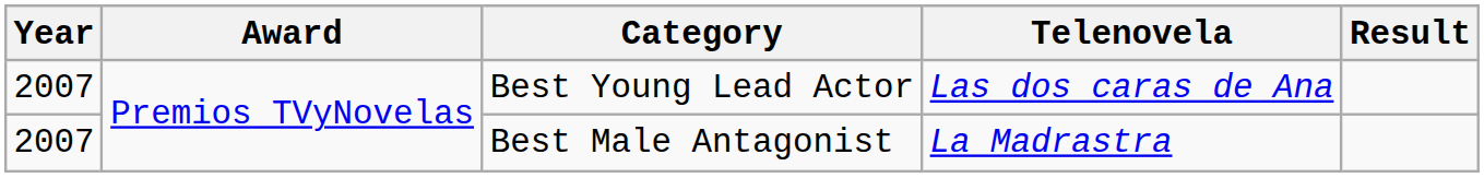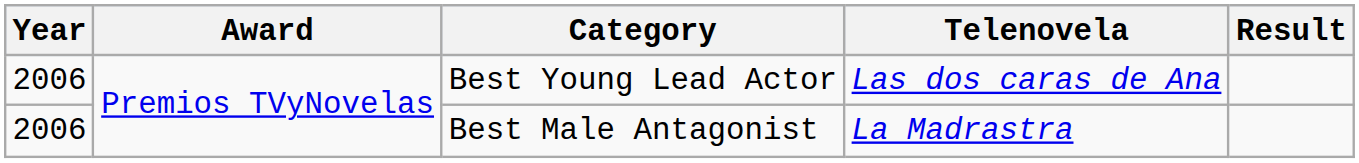 <table class="wikitable">
 <tr style="background:#b0c4de;">
 <th>Year</th>
 <th>Award</th>
 <th>Category</th>
 <th>Telenovela</th>
 <th>Result</th>
 </tr>
 <tr>
-<td>2007</td>
+<td>2006</td>
 <td rowspan=2><a href='#'>Premios TVyNovelas</a></td>
 <td>Best Young Lead Actor</td>
 <td><em><a href='#'>Las dos caras de Ana</a></em></td>
 <td></td>
 </tr>
 <tr>
-<td>2007</td>
+<td>2006</td>
 <td>Best Male Antagonist</td>
 <td><em><a href='#'>La Madrastra</a></em></td>
 <td></td>
 </tr>
 </table>
